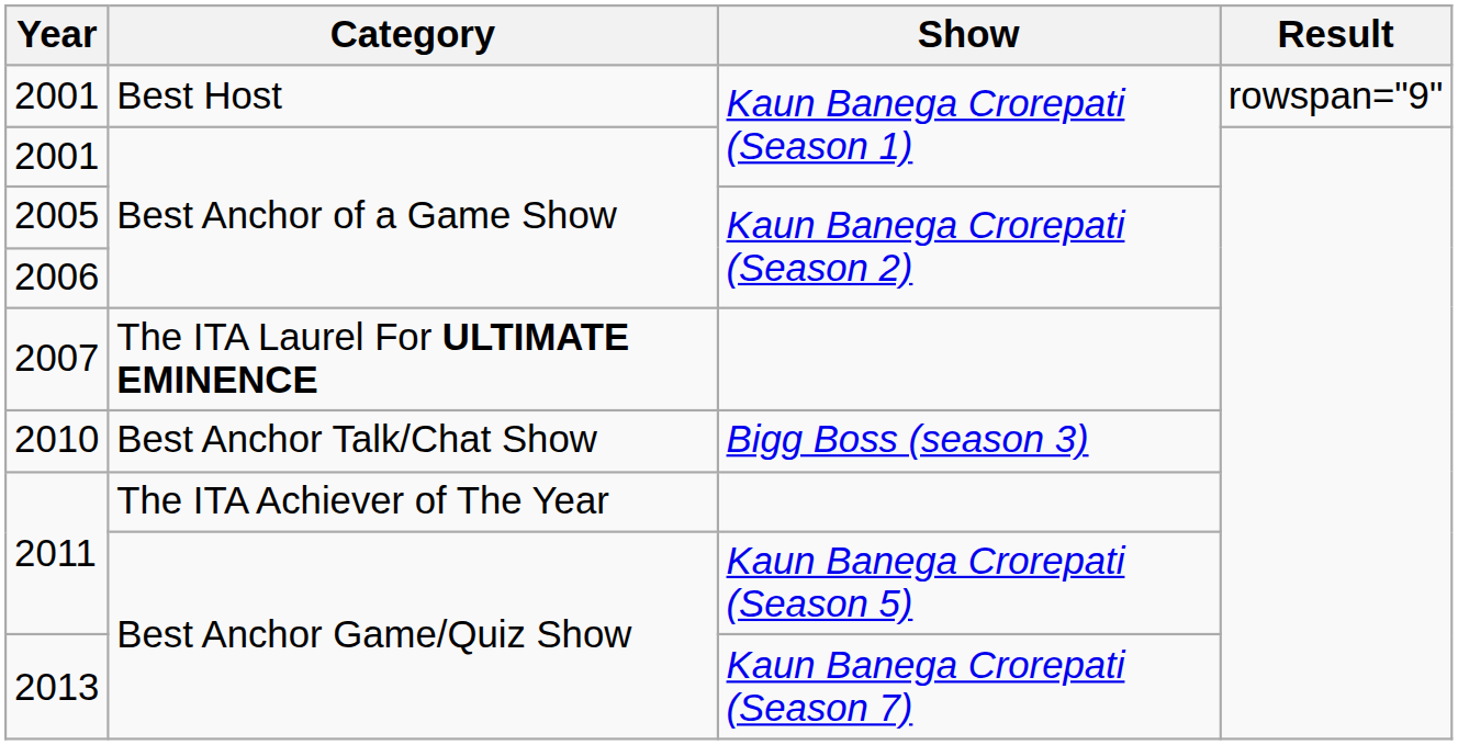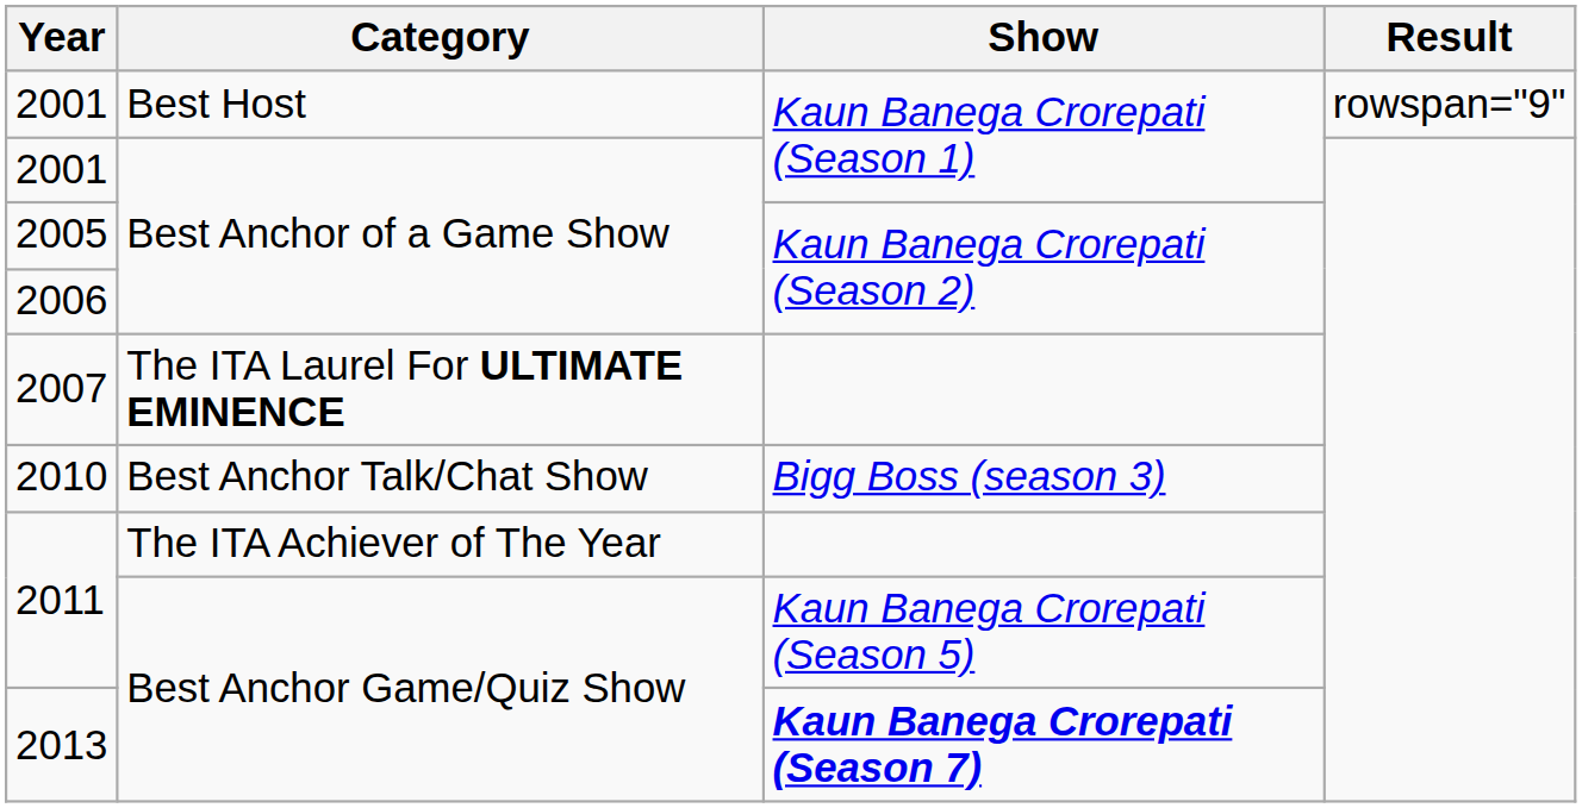 <table class="wikitable sortable">
 <tr>
 <th>Year</th>
 <th>Category</th>
 <th>Show</th>
 <th>Result</th>
 </tr>
 <tr>
 <td>2001</td>
 <td>Best Host</td>
 <td rowspan="2"><em><a href='#'>Kaun Banega Crorepati (Season 1)</a></em></td>
 <td>rowspan="9" </td>
 </tr>
 <tr>
 <td>2001</td>
 <td rowspan="3">Best Anchor of a Game Show</td>
 </tr>
 <tr>
 <td>2005</td>
 <td rowspan="2"><em><a href='#'>Kaun Banega Crorepati (Season 2)</a></em></td>
 </tr>
 <tr>
 <td>2006</td>
 </tr>
 <tr>
 <td>2007</td>
 <td>The ITA Laurel For <strong>ULTIMATE EMINENCE</strong></td>
 <td></td>
 </tr>
 <tr>
 <td>2010</td>
 <td>Best Anchor Talk/Chat Show</td>
 <td><em><a href='#'>Bigg Boss (season 3)</a></em></td>
 </tr>
 <tr>
 <td rowspan="2">2011</td>
 <td>The ITA Achiever of The Year</td>
 <td></td>
 </tr>
 <tr>
 <td rowspan="2">Best Anchor Game/Quiz Show</td>
 <td><em><a href='#'>Kaun Banega Crorepati (Season 5)</a></em></td>
 </tr>
 <tr>
 <td>2013</td>
-<td><em><a href='#'>Kaun Banega Crorepati (Season 7)</a></em></td>
+<td><strong><em><a href='#'>Kaun Banega Crorepati (Season 7)</a></em></strong></td>
 </tr>
 </table>
